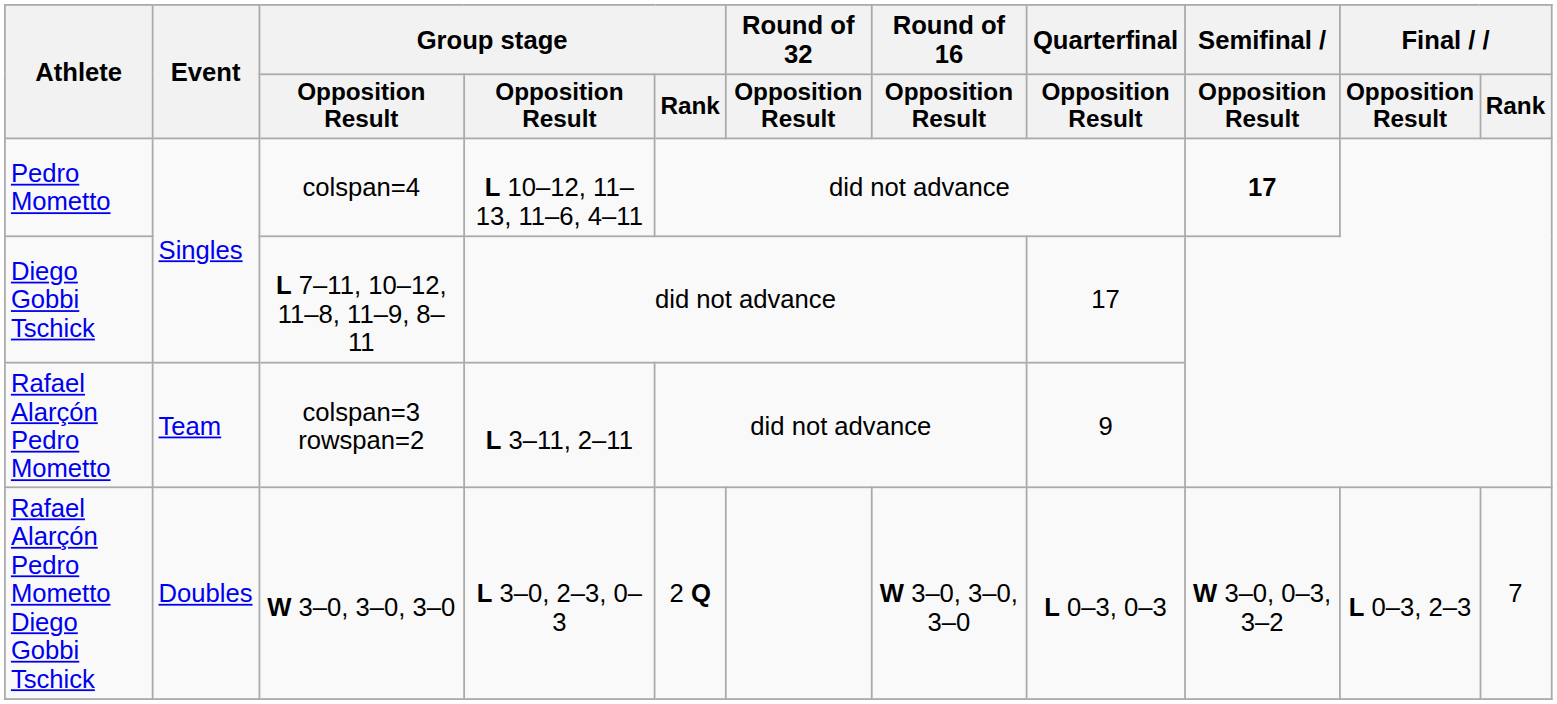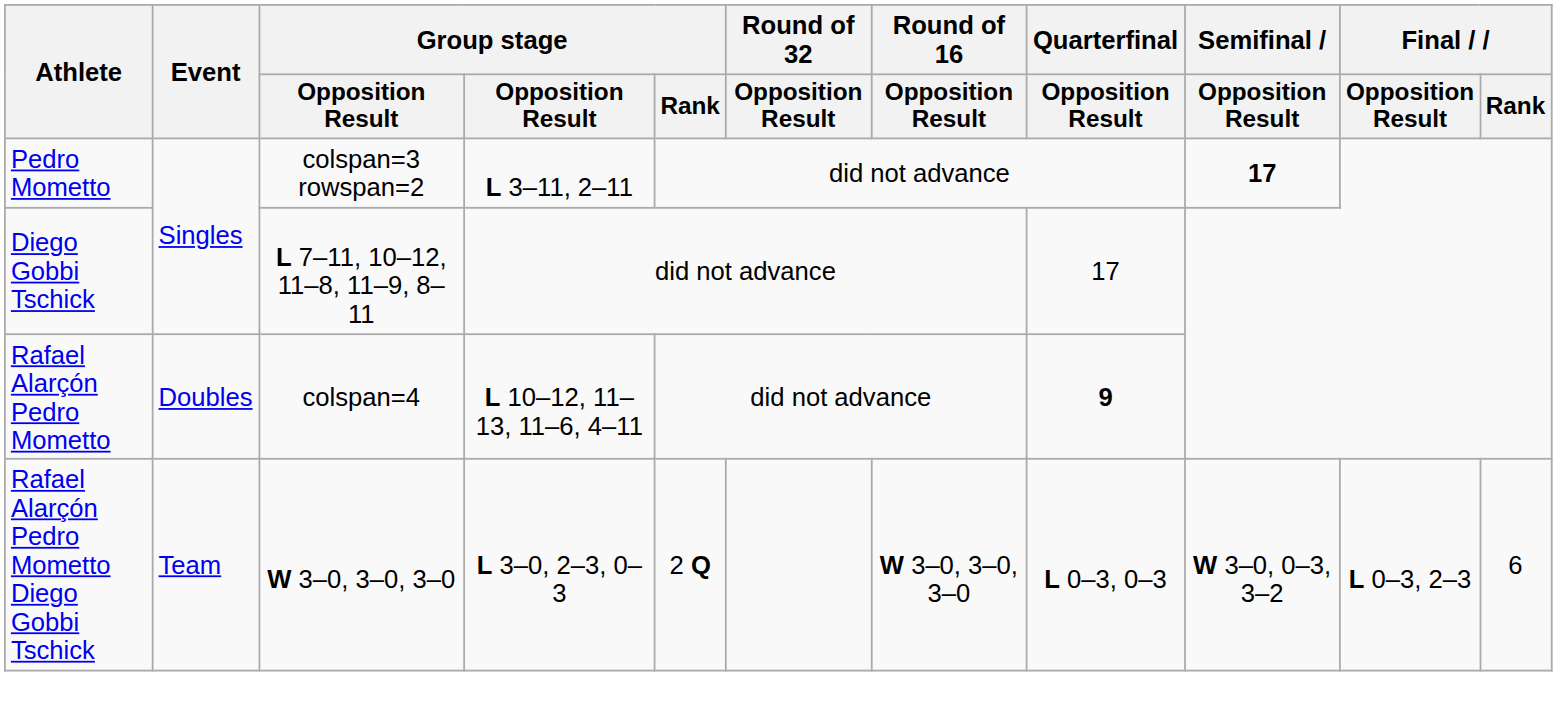 <table class=wikitable style=font-size:90%;text-align:center>
 <tr>
 <th rowspan=2>Athlete</th>
 <th rowspan=2>Event</th>
 <th colspan=3>Group stage</th>
 <th>Round of 32</th>
 <th>Round of 16</th>
 <th>Quarterfinal</th>
 <th>Semifinal / </th>
 <th colspan=2>Final /  / </th>
 </tr>
 <tr style=font-size:95%>
 <th>Opposition<br>Result</th>
 <th>Opposition<br>Result</th>
 <th>Rank</th>
 <th>Opposition<br>Result</th>
 <th>Opposition<br>Result</th>
 <th>Opposition<br>Result</th>
 <th>Opposition<br>Result</th>
 <th>Opposition<br>Result</th>
 <th>Rank</th>
 </tr>
 <tr>
 <td align=left><a href='#'>Pedro Mometto</a></td>
 <td align=left rowspan=2><a href='#'>Singles</a></td>
-<td>colspan=4 </td>
-<td><br><strong>L</strong> 10–12, 11–13, 11–6, 4–11</td>
+<td>colspan=3 rowspan=2 </td>
+<td><br> <strong>L</strong> 3–11, 2–11</td>
 <td colspan=4>did not advance</td>
 <td><strong>17</strong></td>
 </tr>
 <tr>
 <td align=left><a href='#'>Diego Gobbi Tschick</a></td>
 <td><br><strong>L</strong> 7–11, 10–12, 11–8, 11–9, 8–11</td>
 <td colspan=4>did not advance</td>
 <td>17</td>
 </tr>
 <tr>
 <td align=left><a href='#'>Rafael Alarçón</a><br><a href='#'>Pedro Mometto</a></td>
-<td align=left><a href='#'>Team</a></td>
-<td>colspan=3 rowspan=2 </td>
-<td><br> <strong>L</strong> 3–11, 2–11</td>
+<td align=left><a href='#'>Doubles</a></td>
+<td>colspan=4 </td>
+<td><br><strong>L</strong> 10–12, 11–13, 11–6, 4–11</td>
 <td colspan=3>did not advance</td>
-<td>9</td>
+<td><strong>9</strong></td>
 </tr>
 <tr>
 <td align=left><a href='#'>Rafael Alarçón</a><br><a href='#'>Pedro Mometto</a><br><a href='#'>Diego Gobbi Tschick</a></td>
-<td align=left><a href='#'>Doubles</a></td>
+<td align=left><a href='#'>Team</a></td>
 <td><br><strong>W</strong> 3–0, 3–0, 3–0</td>
 <td><br><strong>L</strong> 3–0, 2–3, 0–3</td>
 <td>2 <strong>Q</strong></td>
 <td></td>
 <td><br><strong>W</strong> 3–0, 3–0, 3–0</td>
 <td><br> <strong>L</strong> 0–3, 0–3</td>
 <td><br> <strong>W</strong> 3–0, 0–3, 3–2</td>
 <td><br> <strong>L</strong> 0–3, 2–3</td>
-<td>7</td>
+<td>6</td>
 </tr>
 </table>
